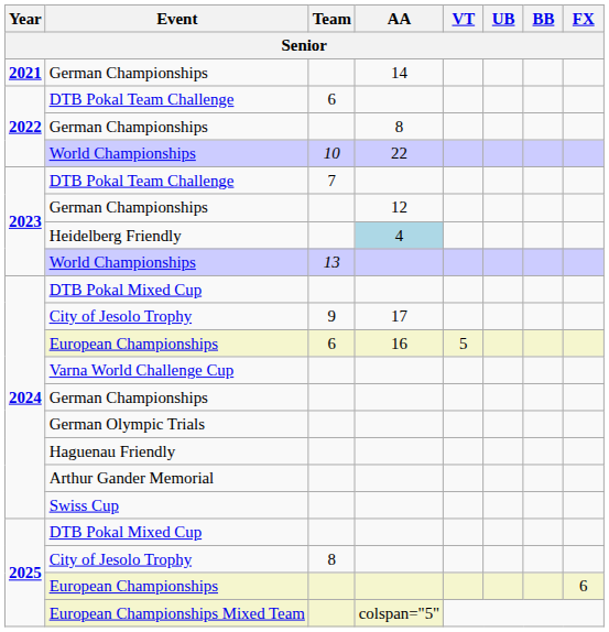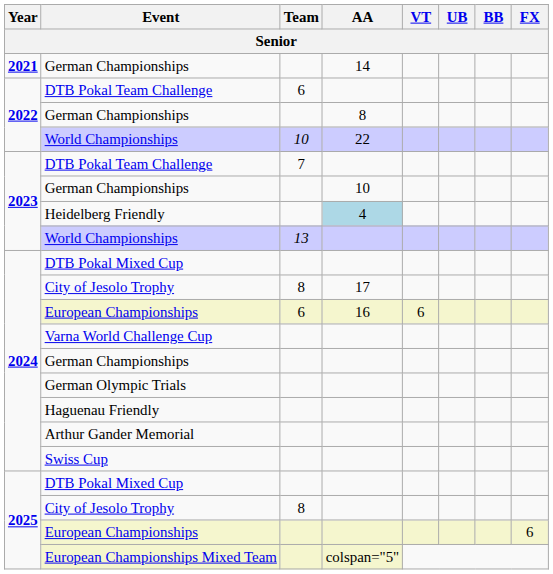 <table class="wikitable" style="text-align:center; font-size:95%;">
 <tr>
 <th align=center>Year</th>
 <th align=center>Event</th>
 <th style="width:30px;">Team</th>
 <th style="width:30px;">AA</th>
 <th style="width:30px;"><a href='#'>VT</a></th>
 <th style="width:30px;"><a href='#'>UB</a></th>
 <th style="width:30px;"><a href='#'>BB</a></th>
 <th style="width:30px;"><a href='#'>FX</a></th>
 </tr>
 <tr>
 <th colspan="8">Senior</th>
 </tr>
 <tr>
 <td rowspan="1"><strong><a href='#'>2021</a></strong></td>
 <td align=left>German Championships</td>
 <td></td>
 <td>14</td>
 <td></td>
 <td></td>
 <td></td>
 <td></td>
 </tr>
 <tr>
 <td rowspan="3"><strong><a href='#'>2022</a></strong></td>
 <td align=left><a href='#'>DTB Pokal Team Challenge</a></td>
 <td>6</td>
 <td></td>
 <td></td>
 <td></td>
 <td></td>
 <td></td>
 </tr>
 <tr>
 <td align=left>German Championships</td>
 <td></td>
 <td>8</td>
 <td></td>
 <td></td>
 <td></td>
 <td></td>
 </tr>
 <tr style="background:#ccf;">
 <td align=left><a href='#'>World Championships</a></td>
 <td><em>10</em></td>
 <td>22</td>
 <td></td>
 <td></td>
 <td></td>
 <td></td>
 </tr>
 <tr>
 <td rowspan="4"><strong><a href='#'>2023</a></strong></td>
 <td align=left><a href='#'>DTB Pokal Team Challenge</a></td>
 <td>7</td>
 <td></td>
 <td></td>
 <td></td>
 <td></td>
 <td></td>
 </tr>
 <tr>
 <td align=left>German Championships</td>
 <td></td>
-<td>12</td>
+<td>10</td>
 <td></td>
 <td></td>
 <td></td>
 <td></td>
 </tr>
 <tr>
 <td align=left>Heidelberg Friendly</td>
 <td></td>
 <td style="background: lightblue;">4</td>
 <td></td>
 <td></td>
 <td></td>
 <td></td>
 </tr>
 <tr style="background:#ccf;">
 <td align=left><a href='#'>World Championships</a></td>
 <td><em>13</em></td>
 <td></td>
 <td></td>
 <td></td>
 <td></td>
 <td></td>
 </tr>
 <tr>
 <td rowspan="9"><strong><a href='#'>2024</a></strong></td>
 <td align=left><a href='#'>DTB Pokal Mixed Cup</a></td>
 <td></td>
 <td></td>
 <td></td>
 <td></td>
 <td></td>
 <td></td>
 </tr>
 <tr>
 <td align=left><a href='#'>City of Jesolo Trophy</a></td>
-<td>9</td>
+<td>8</td>
 <td>17</td>
 <td></td>
 <td></td>
 <td></td>
 <td></td>
 </tr>
 <tr bgcolor=#F5F6CE>
 <td align=left><a href='#'>European Championships</a></td>
 <td>6</td>
 <td>16</td>
-<td>5</td>
+<td>6</td>
 <td></td>
 <td></td>
 <td></td>
 </tr>
 <tr>
 <td align=left><a href='#'>Varna World Challenge Cup</a></td>
 <td></td>
 <td></td>
 <td></td>
 <td></td>
 <td></td>
 <td></td>
 </tr>
 <tr>
 <td align=left>German Championships</td>
 <td></td>
 <td></td>
 <td></td>
 <td></td>
 <td></td>
 <td></td>
 </tr>
 <tr>
 <td align=left>German Olympic Trials</td>
 <td></td>
 <td></td>
 <td></td>
 <td></td>
 <td></td>
 <td></td>
 </tr>
 <tr>
 <td align=left>Haguenau Friendly</td>
 <td></td>
 <td></td>
 <td></td>
 <td></td>
 <td></td>
 <td></td>
 </tr>
 <tr>
 <td align=left>Arthur Gander Memorial</td>
 <td></td>
 <td></td>
 <td></td>
 <td></td>
 <td></td>
 <td></td>
 </tr>
 <tr>
 <td align=left><a href='#'>Swiss Cup</a></td>
 <td></td>
 <td></td>
 <td></td>
 <td></td>
 <td></td>
 <td></td>
 </tr>
 <tr>
 <td rowspan="4"><strong><a href='#'>2025</a></strong></td>
 <td align=left><a href='#'>DTB Pokal Mixed Cup</a></td>
 <td></td>
 <td></td>
 <td></td>
 <td></td>
 <td></td>
 <td></td>
 </tr>
 <tr>
 <td align=left><a href='#'>City of Jesolo Trophy</a></td>
 <td>8</td>
 <td></td>
 <td></td>
 <td></td>
 <td></td>
 <td></td>
 </tr>
 <tr bgcolor=#F5F6CE>
 <td align=left><a href='#'>European Championships</a></td>
 <td></td>
 <td></td>
 <td></td>
 <td></td>
 <td></td>
 <td>6</td>
 </tr>
 <tr bgcolor=#F5F6CE>
 <td align=left><a href='#'>European Championships Mixed Team</a></td>
 <td></td>
 <td>colspan="5" </td>
 </tr>
 </table>
